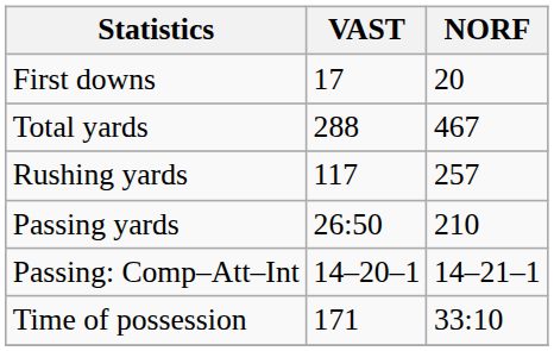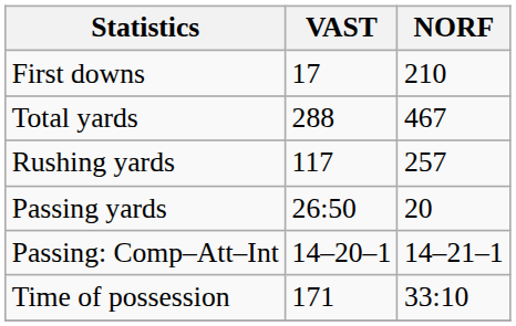 <table class="wikitable" style="float: left;">
 <tr>
 <th>Statistics</th>
 <th>VAST</th>
 <th>NORF</th>
 </tr>
 <tr>
 <td>First downs</td>
 <td>17</td>
-<td>20</td>
+<td>210</td>
 </tr>
 <tr>
 <td>Total yards</td>
 <td>288</td>
 <td>467</td>
 </tr>
 <tr>
 <td>Rushing yards</td>
 <td>117</td>
 <td>257</td>
 </tr>
 <tr>
 <td>Passing yards</td>
 <td>26:50</td>
-<td>210</td>
+<td>20</td>
 </tr>
 <tr>
 <td>Passing: Comp–Att–Int</td>
 <td>14–20–1</td>
 <td>14–21–1</td>
 </tr>
 <tr>
 <td>Time of possession</td>
 <td>171</td>
 <td>33:10</td>
 </tr>
 <tr>
 </tr>
 </table>
